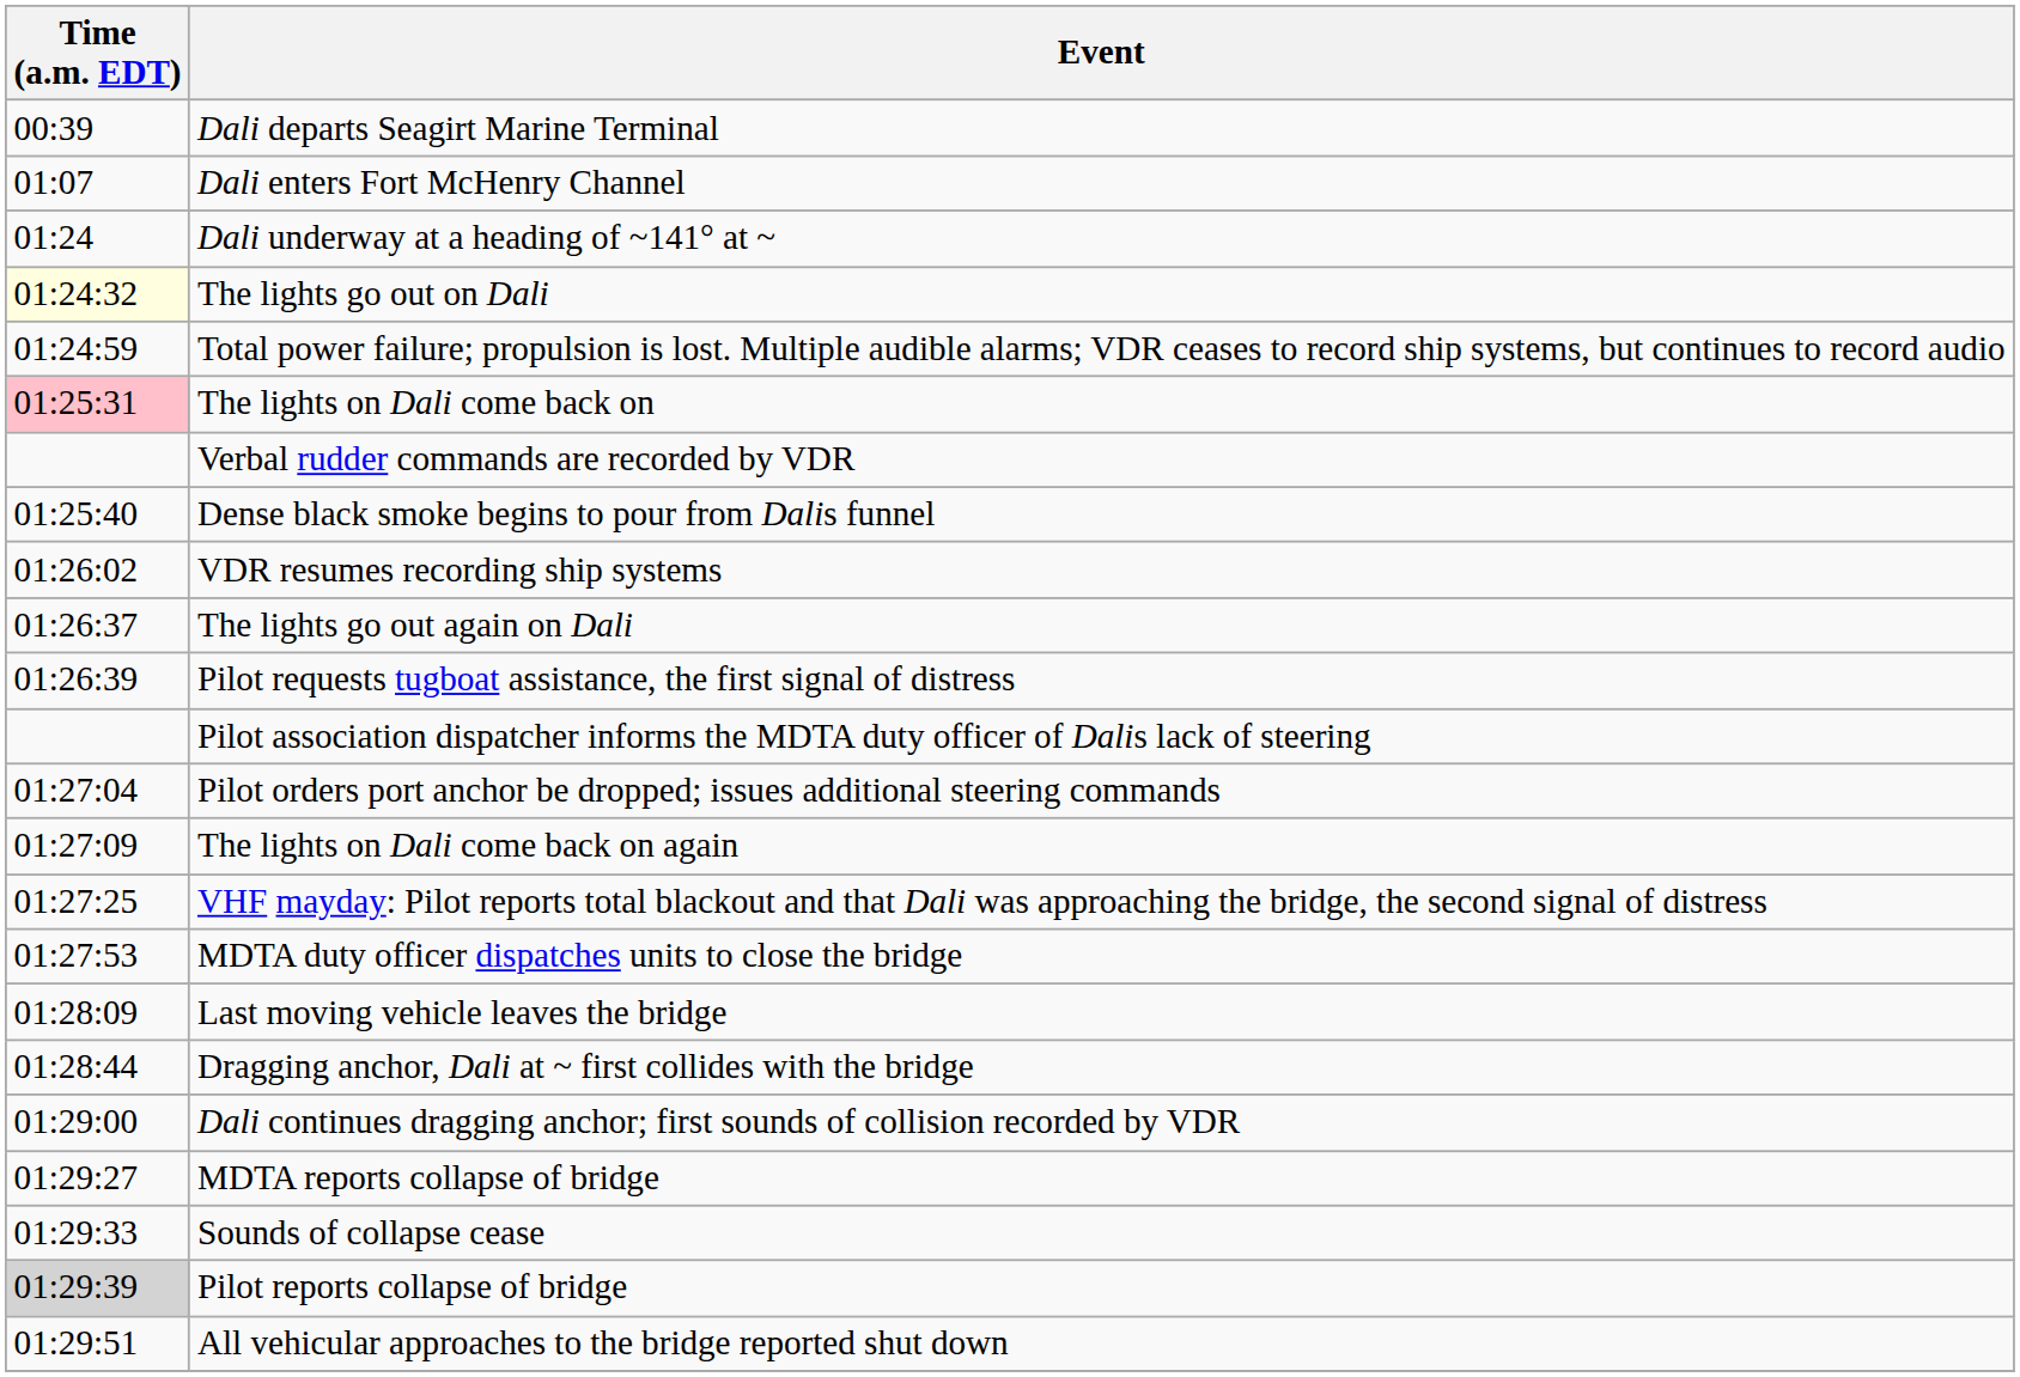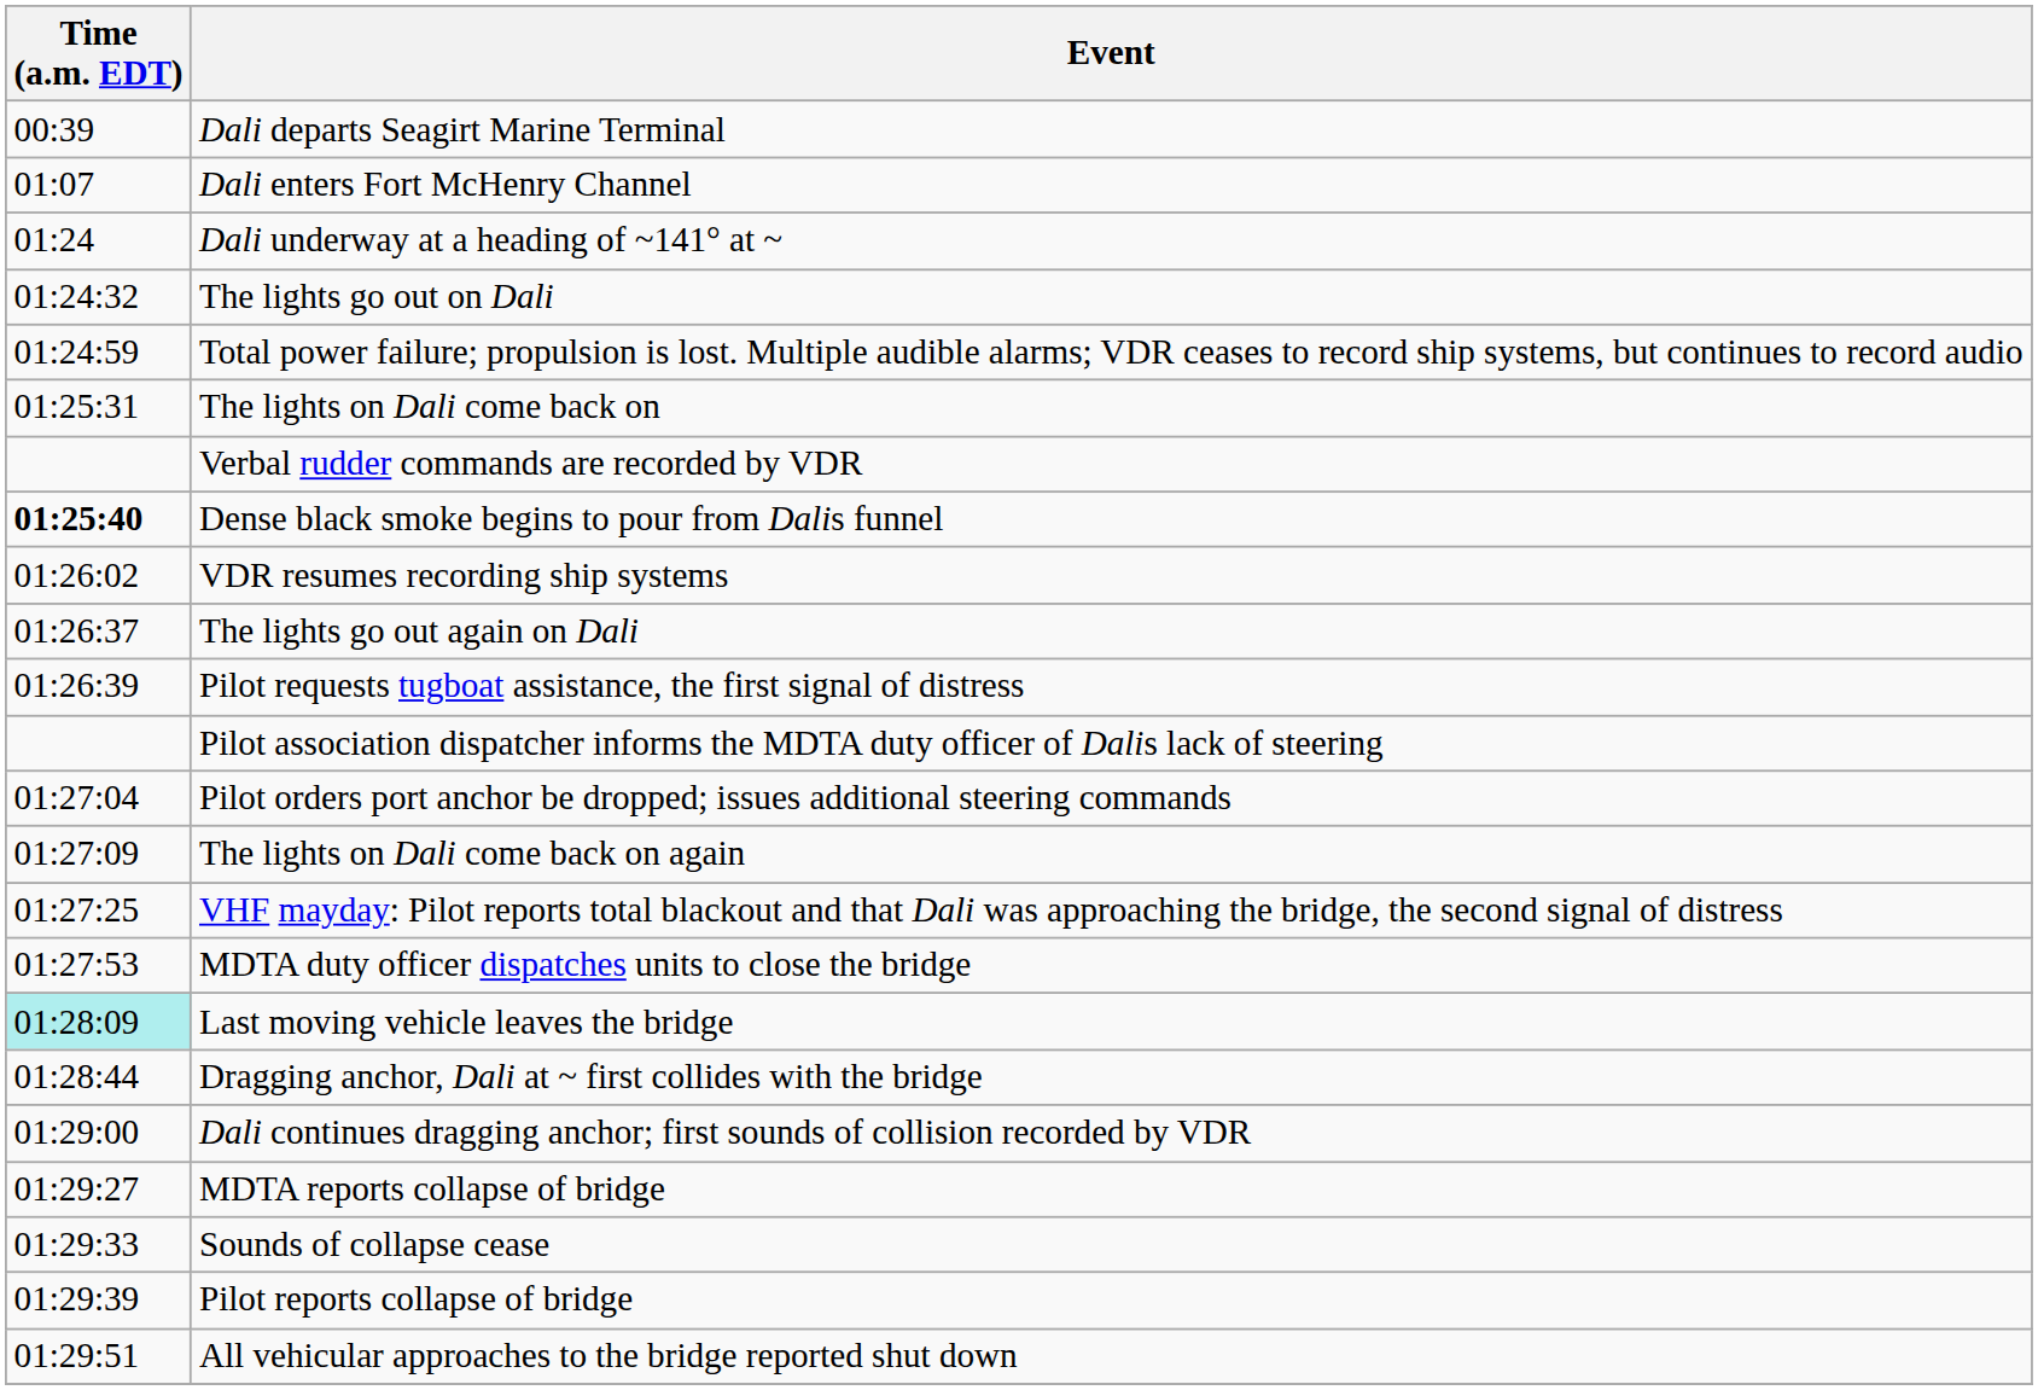 <table class="wikitable">
 <tr>
 <th>Time<br>(a.m. <a href='#'>EDT</a>)</th>
 <th>Event</th>
 </tr>
 <tr>
 <td>00:39</td>
 <td><em>Dali</em> departs Seagirt Marine Terminal</td>
 </tr>
 <tr>
 <td>01:07</td>
 <td><em>Dali</em> enters Fort McHenry Channel</td>
 </tr>
 <tr>
 <td>01:24</td>
 <td><em>Dali</em> underway at a heading of ~141° at ~</td>
 </tr>
 <tr>
-<td style="background: lightyellow;">01:24:32</td>
+<td>01:24:32</td>
 <td>The lights go out on <em>Dali</em></td>
 </tr>
 <tr>
 <td>01:24:59</td>
 <td>Total power failure; propulsion is lost. Multiple audible alarms; VDR ceases to record ship systems, but continues to record audio</td>
 </tr>
 <tr>
-<td style="background: pink;">01:25:31</td>
+<td>01:25:31</td>
 <td>The lights on <em>Dali</em> come back on</td>
 </tr>
 <tr>
 <td></td>
 <td>Verbal <a href='#'>rudder</a> commands are recorded by VDR</td>
 </tr>
 <tr>
-<td>01:25:40</td>
+<td><strong>01:25:40</strong></td>
 <td>Dense black smoke begins to pour from <em>Dali</em>s funnel</td>
 </tr>
 <tr>
 <td>01:26:02</td>
 <td>VDR resumes recording ship systems</td>
 </tr>
 <tr>
 <td>01:26:37</td>
 <td>The lights go out again on <em>Dali</em></td>
 </tr>
 <tr>
 <td>01:26:39</td>
 <td>Pilot requests <a href='#'>tugboat</a> assistance, the first signal of distress</td>
 </tr>
 <tr>
 <td></td>
 <td>Pilot association dispatcher informs the MDTA duty officer of <em>Dali</em>s lack of steering</td>
 </tr>
 <tr>
 <td>01:27:04</td>
 <td>Pilot orders port anchor be dropped; issues additional steering commands</td>
 </tr>
 <tr>
 <td>01:27:09</td>
 <td>The lights on <em>Dali</em> come back on again</td>
 </tr>
 <tr>
 <td>01:27:25</td>
 <td><a href='#'>VHF</a> <a href='#'>mayday</a>: Pilot reports total blackout and that <em>Dali</em> was approaching the bridge, the second signal of distress</td>
 </tr>
 <tr>
 <td>01:27:53</td>
 <td>MDTA duty officer <a href='#'>dispatches</a> units to close the bridge</td>
 </tr>
 <tr>
-<td>01:28:09</td>
+<td style="background: paleturquoise;">01:28:09</td>
 <td>Last moving vehicle leaves the bridge</td>
 </tr>
 <tr>
 <td>01:28:44</td>
 <td>Dragging anchor, <em>Dali</em> at ~ first collides with the bridge</td>
 </tr>
 <tr>
 <td>01:29:00</td>
 <td><em>Dali</em> continues dragging anchor; first sounds of collision recorded by VDR</td>
 </tr>
 <tr>
 <td>01:29:27</td>
 <td>MDTA reports collapse of bridge</td>
 </tr>
 <tr>
 <td>01:29:33</td>
 <td>Sounds of collapse cease</td>
 </tr>
 <tr>
-<td style="background: lightgrey;">01:29:39</td>
+<td>01:29:39</td>
 <td>Pilot reports collapse of bridge</td>
 </tr>
 <tr>
 <td>01:29:51</td>
 <td>All vehicular approaches to the bridge reported shut down</td>
 </tr>
 <tr>
 </tr>
 </table>
